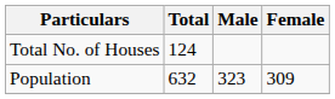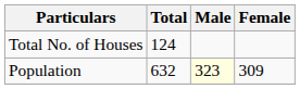 <table class="wikitable sortable">
 <tr>
 <th>Particulars</th>
 <th>Total</th>
 <th>Male</th>
 <th>Female</th>
 </tr>
 <tr>
 <td>Total No. of Houses</td>
 <td>124</td>
 <td></td>
 <td></td>
 </tr>
 <tr>
 <td>Population</td>
 <td>632</td>
-<td>323</td>
+<td style="background: lightyellow;">323</td>
 <td>309</td>
 </tr>
 <tr>
 </tr>
 </table>
